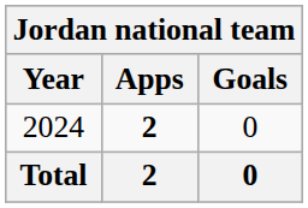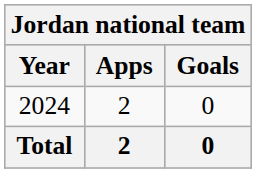 <table class="wikitable" style="text-align:center">
 <tr>
 <th colspan=3>Jordan national team</th>
 </tr>
 <tr>
 <th>Year</th>
 <th>Apps</th>
 <th>Goals</th>
 </tr>
 <tr>
 <td>2024</td>
-<td><strong>2</strong></td>
+<td>2</td>
 <td>0</td>
 </tr>
 <tr>
 <th>Total</th>
 <th>2</th>
 <th>0</th>
 </tr>
 </table>
